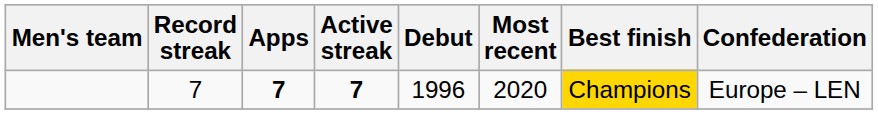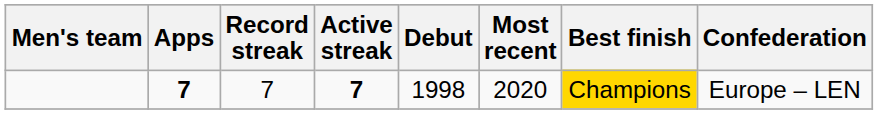 <table class="wikitable" style="text-align: center; font-size: 90%; margin-left: 1em;">
 <tr>
 <th>Men's team</th>
+<th>Apps</th>
 <th>Record<br>streak</th>
-<th>Apps</th>
 <th>Active<br>streak</th>
 <th>Debut</th>
 <th>Most<br>recent</th>
 <th>Best finish</th>
 <th>Confederation</th>
 </tr>
 <tr>
 <td style="text-align: left;"></td>
+<td><strong>7</strong></td>
 <td>7</td>
 <td><strong>7</strong></td>
-<td><strong>7</strong></td>
-<td>1996</td>
+<td>1998</td>
 <td>2020</td>
 <td style="background-color: gold;">Champions</td>
 <td>Europe – LEN</td>
 </tr>
 </table>
